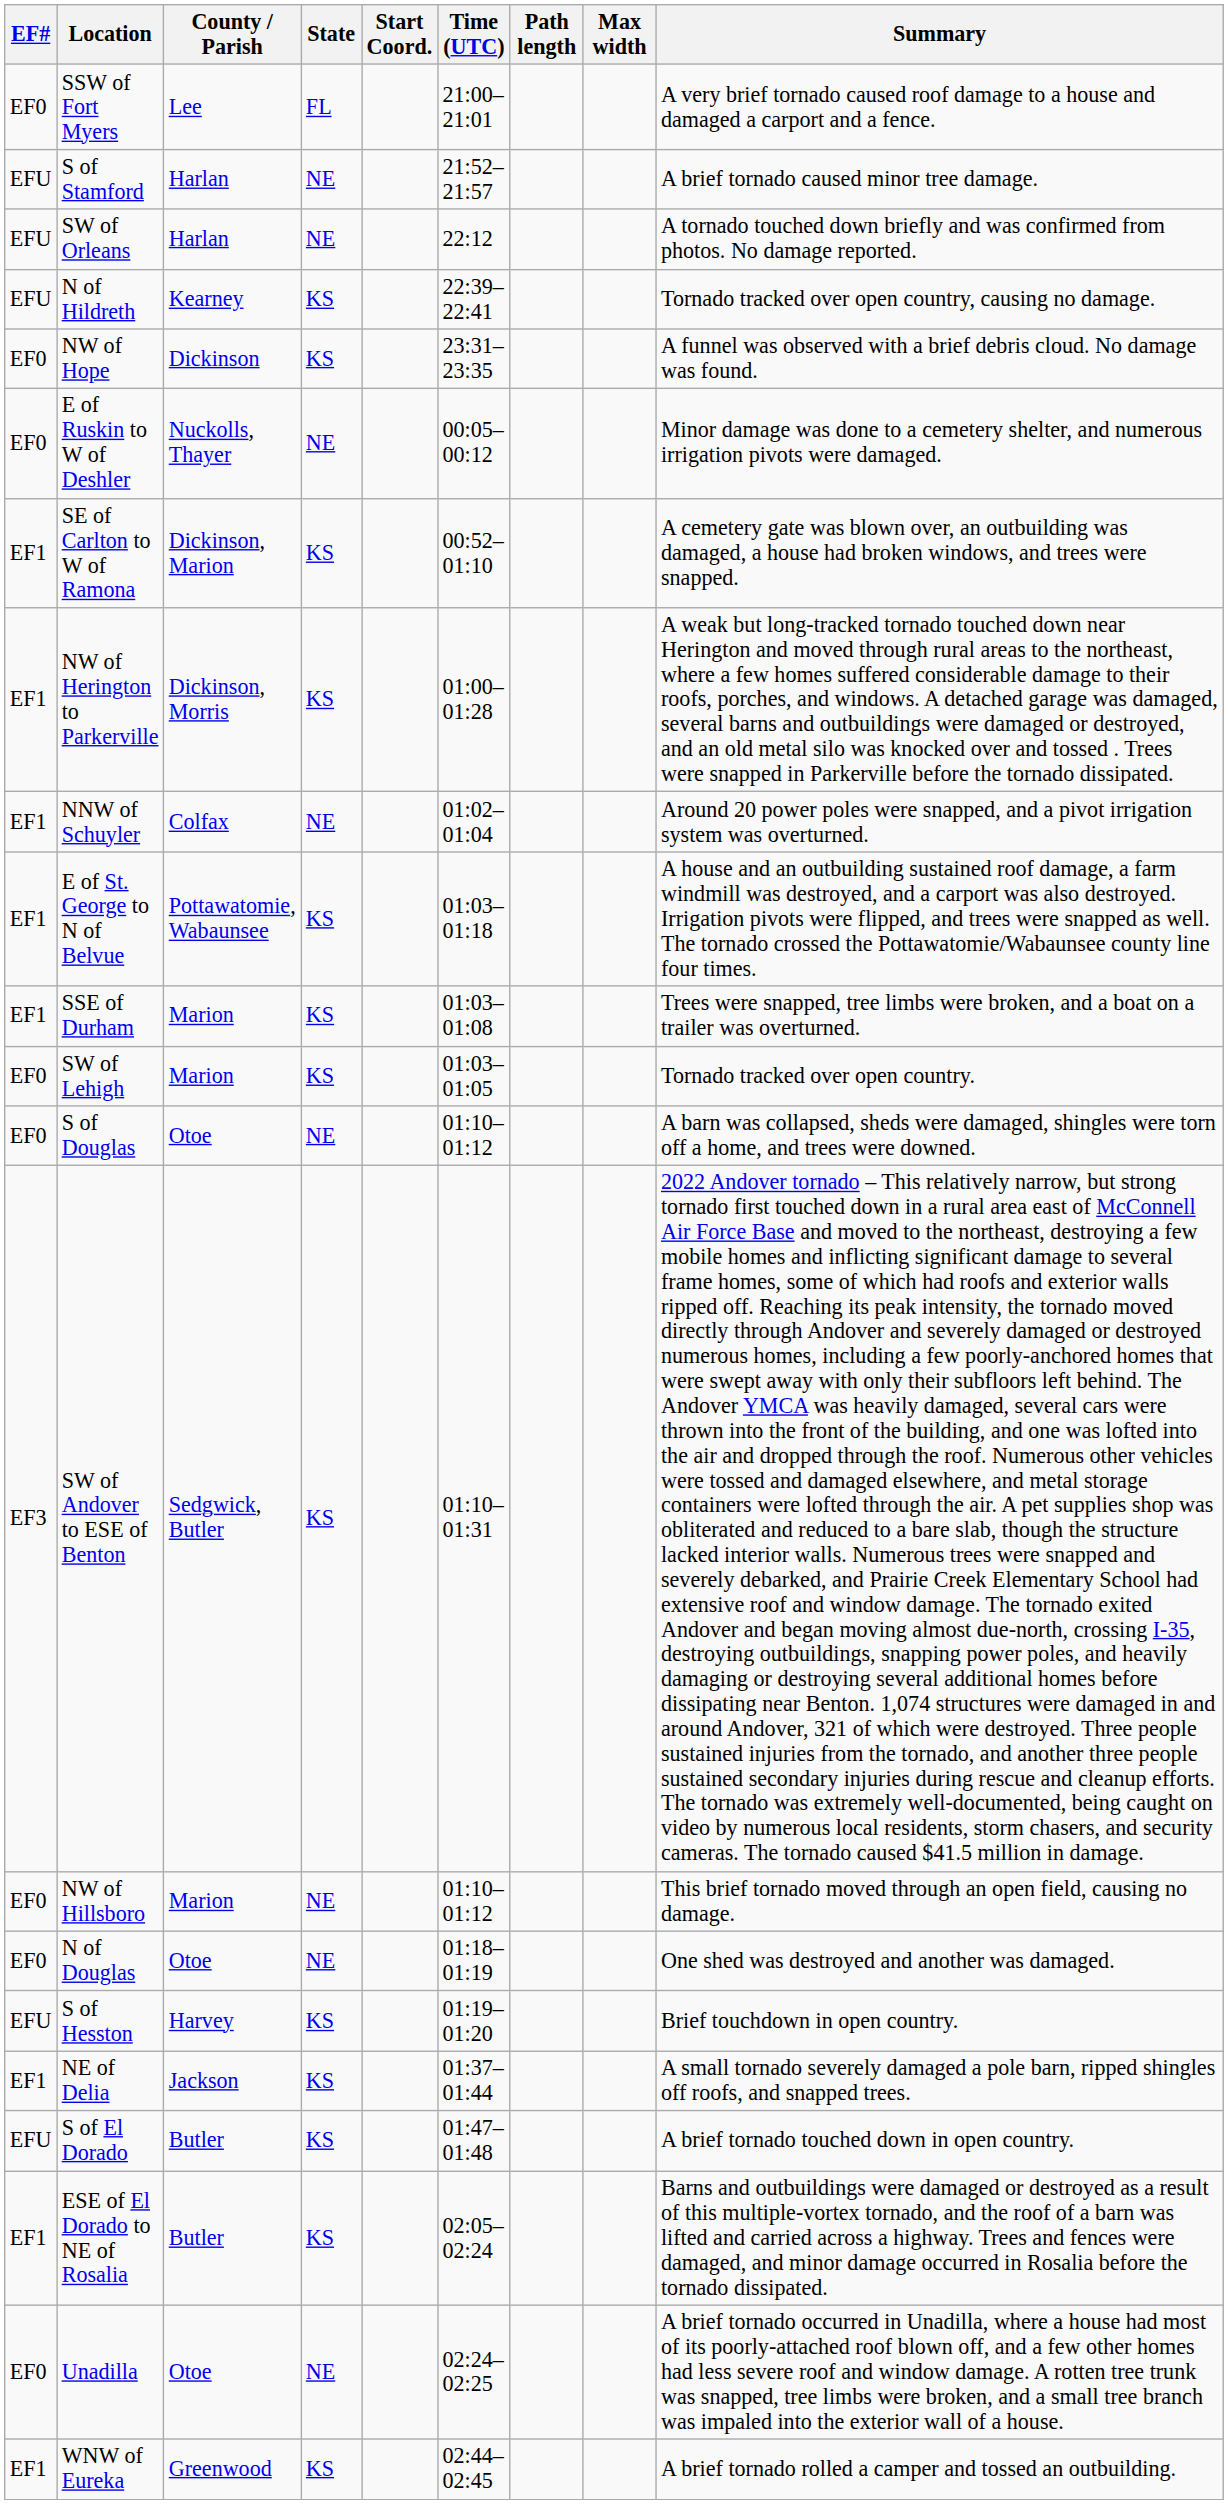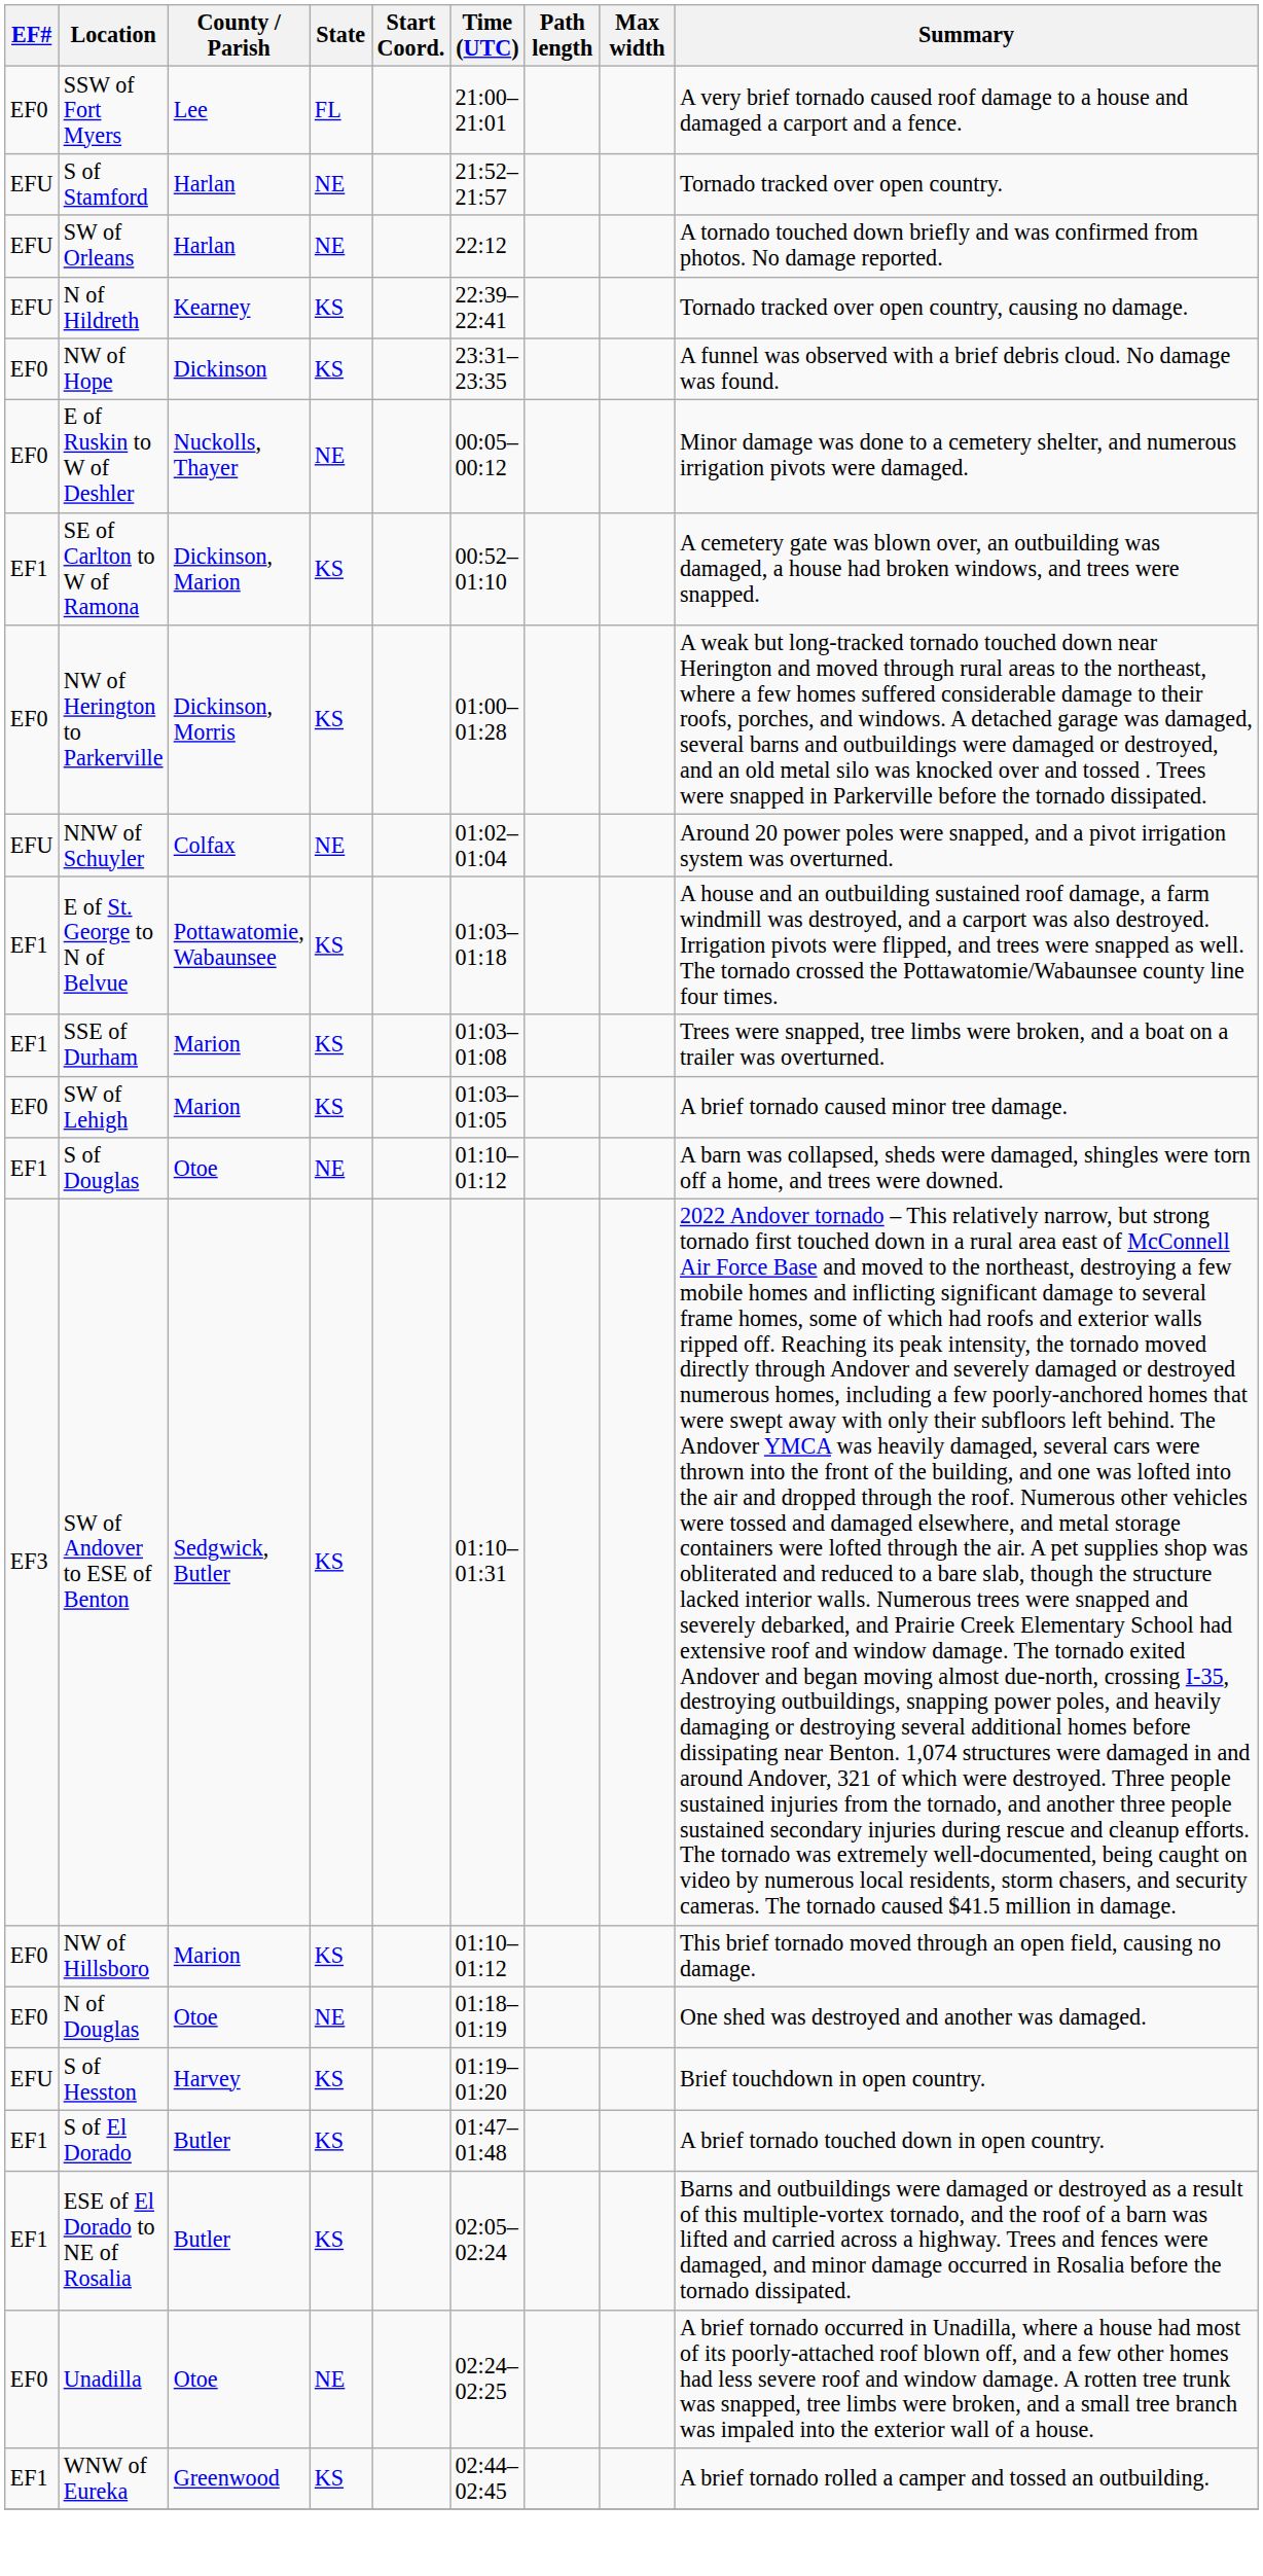 <table class="wikitable sortable" style="width:100%;">
 <tr>
 <th scope="col"  style="width:3%; text-align:center;"><a href='#'>EF#</a></th>
 <th scope="col"  style="width:7%; text-align:center;" class="unsortable">Location</th>
 <th scope="col"  style="width:6%; text-align:center;" class="unsortable">County / Parish</th>
 <th scope="col"  style="width:5%; text-align:center;">State</th>
 <th scope="col"  style="width:6%; text-align:center;">Start Coord.</th>
 <th scope="col"  style="width:6%; text-align:center;">Time (<a href='#'>UTC</a>)</th>
 <th scope="col"  style="width:6%; text-align:center;">Path length</th>
 <th scope="col"  style="width:6%; text-align:center;">Max width</th>
 <th scope="col" class="unsortable" style="width:48%; text-align:center;">Summary</th>
 </tr>
 <tr>
 <td>EF0</td>
 <td>SSW of <a href='#'>Fort Myers</a></td>
 <td><a href='#'>Lee</a></td>
 <td><a href='#'>FL</a></td>
 <td></td>
 <td>21:00–21:01</td>
 <td></td>
 <td></td>
 <td>A very brief tornado caused roof damage to a house and damaged a carport and a fence.</td>
 </tr>
 <tr>
 <td>EFU</td>
 <td>S of <a href='#'>Stamford</a></td>
 <td><a href='#'>Harlan</a></td>
 <td><a href='#'>NE</a></td>
 <td></td>
 <td>21:52–21:57</td>
 <td></td>
 <td></td>
-<td>A brief tornado caused minor tree damage.</td>
+<td>Tornado tracked over open country.</td>
 </tr>
 <tr>
 <td>EFU</td>
 <td>SW of <a href='#'>Orleans</a></td>
 <td><a href='#'>Harlan</a></td>
 <td><a href='#'>NE</a></td>
 <td></td>
 <td>22:12</td>
 <td></td>
 <td></td>
 <td>A tornado touched down briefly and was confirmed from photos. No damage reported.</td>
 </tr>
 <tr>
 <td>EFU</td>
 <td>N of <a href='#'>Hildreth</a></td>
 <td><a href='#'>Kearney</a></td>
 <td><a href='#'>KS</a></td>
 <td></td>
 <td>22:39–22:41</td>
 <td></td>
 <td></td>
 <td>Tornado tracked over open country, causing no damage.</td>
 </tr>
 <tr>
 <td>EF0</td>
 <td>NW of <a href='#'>Hope</a></td>
 <td><a href='#'>Dickinson</a></td>
 <td><a href='#'>KS</a></td>
 <td></td>
 <td>23:31–23:35</td>
 <td></td>
 <td></td>
 <td>A funnel was observed with a brief debris cloud. No damage was found.</td>
 </tr>
 <tr>
 <td>EF0</td>
 <td>E of <a href='#'>Ruskin</a> to W of <a href='#'>Deshler</a></td>
 <td><a href='#'>Nuckolls</a>, <a href='#'>Thayer</a></td>
 <td><a href='#'>NE</a></td>
 <td></td>
 <td>00:05–00:12</td>
 <td></td>
 <td></td>
 <td>Minor damage was done to a cemetery shelter, and numerous irrigation pivots were damaged.</td>
 </tr>
 <tr>
 <td>EF1</td>
 <td>SE of <a href='#'>Carlton</a> to W of <a href='#'>Ramona</a></td>
 <td><a href='#'>Dickinson</a>, <a href='#'>Marion</a></td>
 <td><a href='#'>KS</a></td>
 <td></td>
 <td>00:52–01:10</td>
 <td></td>
 <td></td>
 <td>A cemetery gate was blown over, an outbuilding was damaged, a house had broken windows, and trees were snapped.</td>
 </tr>
 <tr>
-<td>EF1</td>
+<td>EF0</td>
 <td>NW of <a href='#'>Herington</a> to <a href='#'>Parkerville</a></td>
 <td><a href='#'>Dickinson</a>, <a href='#'>Morris</a></td>
 <td><a href='#'>KS</a></td>
 <td></td>
 <td>01:00–01:28</td>
 <td></td>
 <td></td>
 <td>A weak but long-tracked tornado touched down near Herington and moved through rural areas to the northeast, where a few homes suffered considerable damage to their roofs, porches, and windows. A detached garage was damaged, several barns and outbuildings were damaged or destroyed, and an old metal silo was knocked over and tossed . Trees were snapped in Parkerville before the tornado dissipated.</td>
 </tr>
 <tr>
-<td>EF1</td>
+<td>EFU</td>
 <td>NNW of <a href='#'>Schuyler</a></td>
 <td><a href='#'>Colfax</a></td>
 <td><a href='#'>NE</a></td>
 <td></td>
 <td>01:02–01:04</td>
 <td></td>
 <td></td>
 <td>Around 20 power poles were snapped, and a pivot irrigation system was overturned.</td>
 </tr>
 <tr>
 <td>EF1</td>
 <td>E of <a href='#'>St. George</a> to N of <a href='#'>Belvue</a></td>
 <td><a href='#'>Pottawatomie</a>, <a href='#'>Wabaunsee</a></td>
 <td><a href='#'>KS</a></td>
 <td></td>
 <td>01:03–01:18</td>
 <td></td>
 <td></td>
 <td>A house and an outbuilding sustained roof damage, a farm windmill was destroyed, and a carport was also destroyed. Irrigation pivots were flipped, and trees were snapped as well. The tornado crossed the Pottawatomie/Wabaunsee county line four times.</td>
 </tr>
 <tr>
 <td>EF1</td>
 <td>SSE of <a href='#'>Durham</a></td>
 <td><a href='#'>Marion</a></td>
 <td><a href='#'>KS</a></td>
 <td></td>
 <td>01:03–01:08</td>
 <td></td>
 <td></td>
 <td>Trees were snapped, tree limbs were broken, and a boat on a trailer was overturned.</td>
 </tr>
 <tr>
 <td>EF0</td>
 <td>SW of <a href='#'>Lehigh</a></td>
 <td><a href='#'>Marion</a></td>
 <td><a href='#'>KS</a></td>
 <td></td>
 <td>01:03–01:05</td>
 <td></td>
 <td></td>
-<td>Tornado tracked over open country.</td>
+<td>A brief tornado caused minor tree damage.</td>
 </tr>
 <tr>
-<td>EF0</td>
+<td>EF1</td>
 <td>S of <a href='#'>Douglas</a></td>
 <td><a href='#'>Otoe</a></td>
 <td><a href='#'>NE</a></td>
 <td></td>
 <td>01:10–01:12</td>
 <td></td>
 <td></td>
 <td>A barn was collapsed, sheds were damaged, shingles were torn off a home, and trees were downed.</td>
 </tr>
 <tr>
 <td>EF3</td>
 <td>SW of <a href='#'>Andover</a> to ESE of <a href='#'>Benton</a></td>
 <td><a href='#'>Sedgwick</a>, <a href='#'>Butler</a></td>
 <td><a href='#'>KS</a></td>
 <td></td>
 <td>01:10–01:31</td>
 <td></td>
 <td></td>
 <td><a href='#'>2022 Andover tornado</a> – This relatively narrow, but strong tornado first touched down in a rural area east of <a href='#'>McConnell Air Force Base</a> and moved to the northeast, destroying a few mobile homes and inflicting significant damage to several frame homes, some of which had roofs and exterior walls ripped off. Reaching its peak intensity, the tornado moved directly through Andover and severely damaged or destroyed numerous homes, including a few poorly-anchored homes that were swept away with only their subfloors left behind. The Andover <a href='#'>YMCA</a> was heavily damaged, several cars were thrown into the front of the building, and one was lofted  into the air and dropped through the roof. Numerous other vehicles were tossed and damaged elsewhere, and metal storage containers were lofted through the air. A pet supplies shop was obliterated and reduced to a bare slab, though the structure lacked interior walls. Numerous trees were snapped and severely debarked, and Prairie Creek Elementary School had extensive roof and window damage. The tornado exited Andover and began moving almost due-north, crossing <a href='#'>I-35</a>, destroying outbuildings, snapping power poles, and heavily damaging or destroying several additional homes before dissipating near Benton. 1,074 structures were damaged in and around Andover, 321 of which were destroyed. Three people sustained injuries from the tornado, and another three people sustained secondary injuries during rescue and cleanup efforts. The tornado was extremely well-documented, being caught on video by numerous local residents, storm chasers, and security cameras. The tornado caused $41.5 million in damage.</td>
 </tr>
 <tr>
 <td>EF0</td>
 <td>NW of <a href='#'>Hillsboro</a></td>
 <td><a href='#'>Marion</a></td>
-<td><a href='#'>NE</a></td>
+<td><a href='#'>KS</a></td>
 <td></td>
 <td>01:10–01:12</td>
 <td></td>
 <td></td>
 <td>This brief tornado moved through an open field, causing no damage.</td>
 </tr>
 <tr>
 <td>EF0</td>
 <td>N of <a href='#'>Douglas</a></td>
 <td><a href='#'>Otoe</a></td>
 <td><a href='#'>NE</a></td>
 <td></td>
 <td>01:18–01:19</td>
 <td></td>
 <td></td>
 <td>One shed was destroyed and another was damaged.</td>
 </tr>
 <tr>
 <td>EFU</td>
 <td>S of <a href='#'>Hesston</a></td>
 <td><a href='#'>Harvey</a></td>
 <td><a href='#'>KS</a></td>
 <td></td>
 <td>01:19–01:20</td>
 <td></td>
 <td></td>
 <td>Brief touchdown in open country.</td>
 </tr>
 <tr>
 <td>EF1</td>
-<td>NE of <a href='#'>Delia</a></td>
-<td><a href='#'>Jackson</a></td>
-<td><a href='#'>KS</a></td>
-<td></td>
-<td>01:37–01:44</td>
-<td></td>
-<td></td>
-<td>A small tornado severely damaged a pole barn, ripped shingles off roofs, and snapped trees.</td>
-</tr>
-<tr>
-<td>EFU</td>
 <td>S of <a href='#'>El Dorado</a></td>
 <td><a href='#'>Butler</a></td>
 <td><a href='#'>KS</a></td>
 <td></td>
 <td>01:47–01:48</td>
 <td></td>
 <td></td>
 <td>A brief tornado touched down in open country.</td>
 </tr>
 <tr>
 <td>EF1</td>
 <td>ESE of <a href='#'>El Dorado</a> to NE of <a href='#'>Rosalia</a></td>
 <td><a href='#'>Butler</a></td>
 <td><a href='#'>KS</a></td>
 <td></td>
 <td>02:05–02:24</td>
 <td></td>
 <td></td>
 <td>Barns and outbuildings were damaged or destroyed as a result of this multiple-vortex tornado, and the roof of a barn was lifted and carried across a highway. Trees and fences were damaged, and minor damage occurred in Rosalia before the tornado dissipated.</td>
 </tr>
 <tr>
 <td>EF0</td>
 <td><a href='#'>Unadilla</a></td>
 <td><a href='#'>Otoe</a></td>
 <td><a href='#'>NE</a></td>
 <td></td>
 <td>02:24–02:25</td>
 <td></td>
 <td></td>
 <td>A brief tornado occurred in Unadilla, where a house had most of its poorly-attached roof blown off, and a few other homes had less severe roof and window damage. A rotten tree trunk was snapped, tree limbs were broken, and a small tree branch was impaled into the exterior wall of a house.</td>
 </tr>
 <tr>
 <td>EF1</td>
 <td>WNW of <a href='#'>Eureka</a></td>
 <td><a href='#'>Greenwood</a></td>
 <td><a href='#'>KS</a></td>
 <td></td>
 <td>02:44–02:45</td>
 <td></td>
 <td></td>
 <td>A brief tornado rolled a camper and tossed an outbuilding.</td>
 </tr>
 <tr>
 </tr>
 </table>
